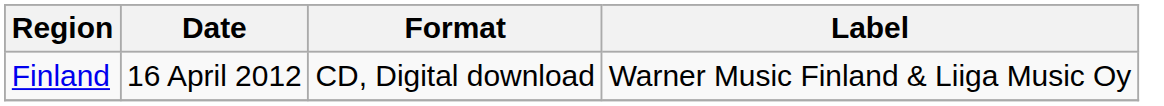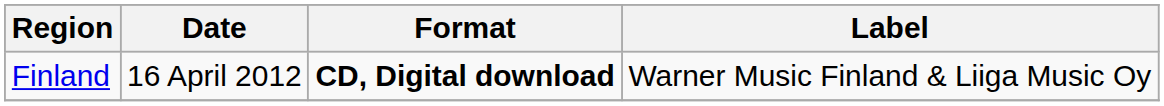 <table class=wikitable>
 <tr>
 <th>Region</th>
 <th>Date</th>
 <th>Format</th>
 <th>Label</th>
 </tr>
 <tr>
 <td><a href='#'>Finland</a></td>
 <td>16 April 2012</td>
-<td>CD, Digital download</td>
+<td><strong>CD, Digital download</strong></td>
 <td>Warner Music Finland & Liiga Music Oy</td>
 </tr>
 <tr>
 </tr>
 </table>
